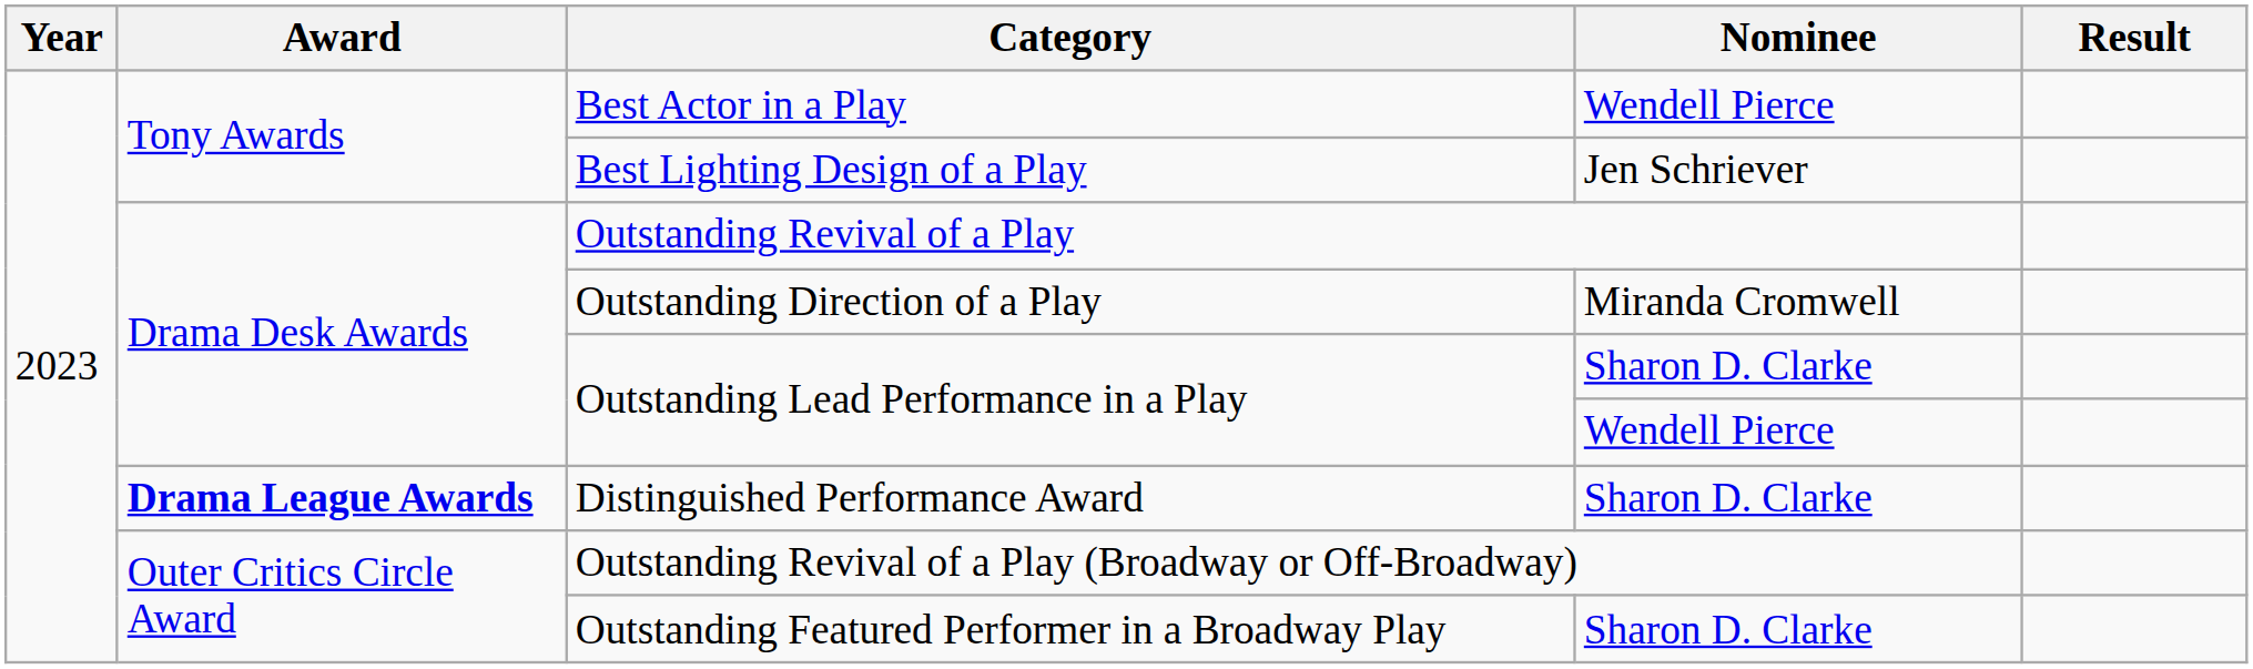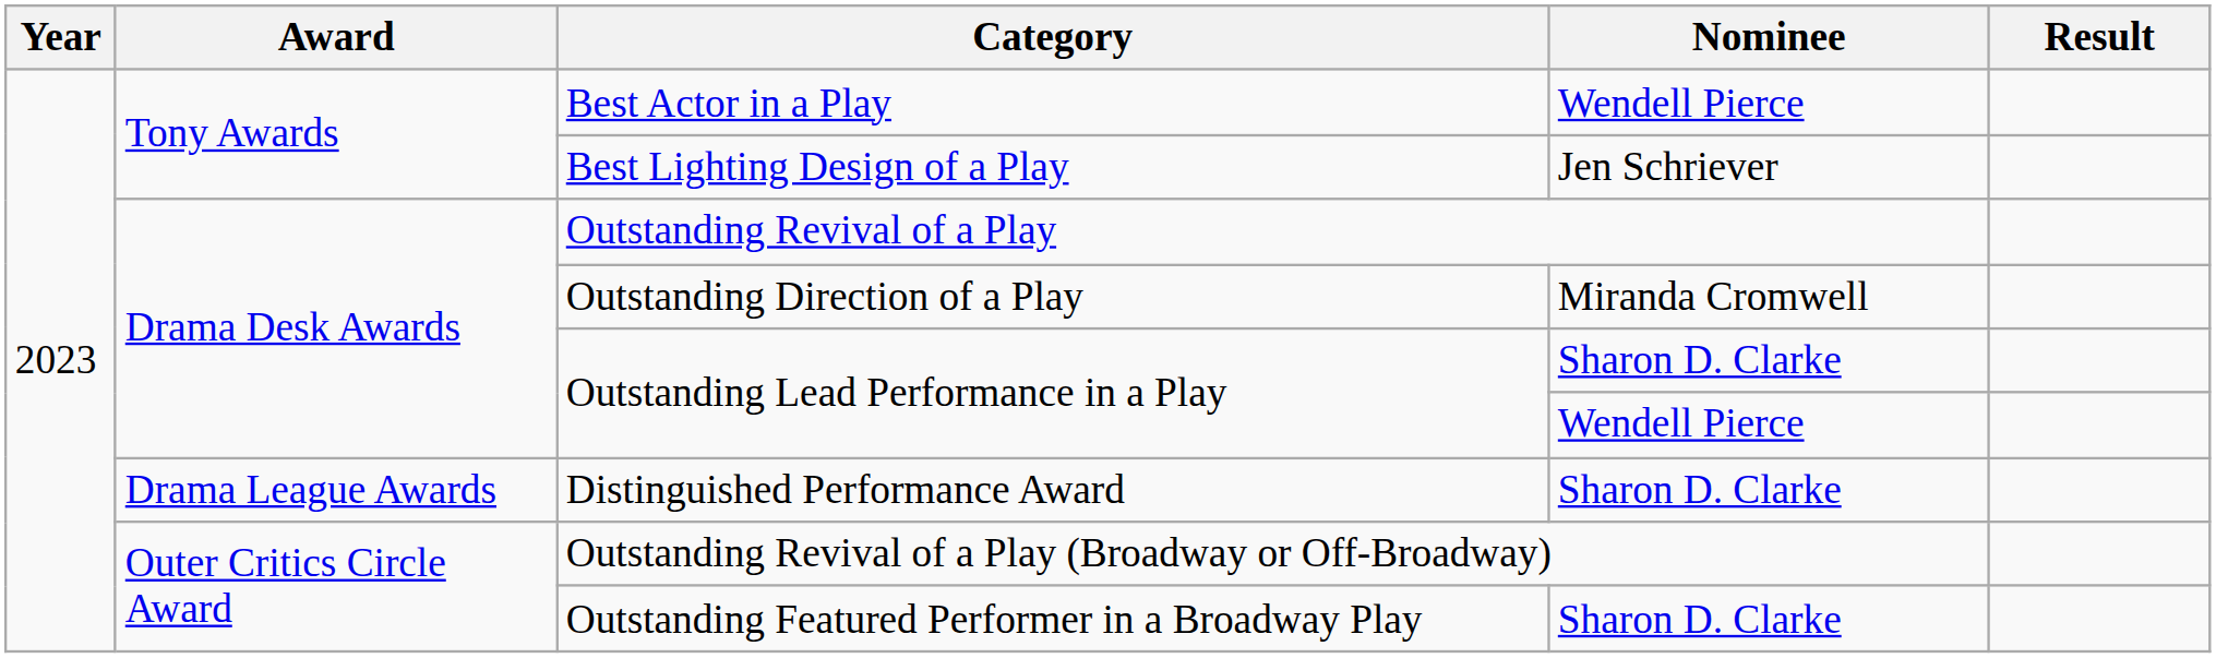 <table class="wikitable">
 <tr>
 <th width="5%">Year</th>
 <th width="20%">Award</th>
 <th width="45%">Category</th>
 <th width="20%">Nominee</th>
 <th width="10%">Result</th>
 </tr>
 <tr>
 <td rowspan="9">2023</td>
 <td rowspan="2"><a href='#'>Tony Awards</a></td>
 <td><a href='#'>Best Actor in a Play</a></td>
 <td><a href='#'>Wendell Pierce</a></td>
 <td></td>
 </tr>
 <tr>
 <td><a href='#'>Best Lighting Design of a Play</a></td>
 <td>Jen Schriever</td>
 <td></td>
 </tr>
 <tr>
 <td rowspan="4"><a href='#'>Drama Desk Awards</a></td>
 <td colspan="2"><a href='#'>Outstanding Revival of a Play</a></td>
 <td></td>
 </tr>
 <tr>
 <td>Outstanding Direction of a Play</td>
 <td>Miranda Cromwell</td>
 <td></td>
 </tr>
 <tr>
 <td rowspan="2">Outstanding Lead Performance in a Play</td>
 <td><a href='#'>Sharon D. Clarke</a></td>
 <td></td>
 </tr>
 <tr>
 <td><a href='#'>Wendell Pierce</a></td>
 <td></td>
 </tr>
 <tr>
-<td><strong><a href='#'>Drama League Awards</a></strong></td>
+<td><a href='#'>Drama League Awards</a></td>
 <td>Distinguished Performance Award</td>
 <td><a href='#'>Sharon D. Clarke</a></td>
 <td></td>
 </tr>
 <tr>
 <td rowspan="2"><a href='#'>Outer Critics Circle Award</a></td>
 <td colspan="2">Outstanding Revival of a Play (Broadway or Off-Broadway)</td>
 <td></td>
 </tr>
 <tr>
 <td>Outstanding Featured Performer in a Broadway Play</td>
 <td><a href='#'>Sharon D. Clarke</a></td>
 <td></td>
 </tr>
 </table>
